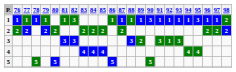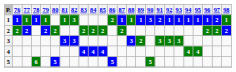 <table class="wikitable" style="text-align: center; font-size:60%">
 <tr>
 <th style="background:#c0c0c0">P.</th>
 <th><strong><a href='#'>76</a></strong></th>
 <th><strong><a href='#'>77</a></strong></th>
 <th><strong><a href='#'>78</a></strong></th>
 <th><strong><a href='#'>79</a></strong></th>
 <th><strong><a href='#'>80</a></strong></th>
 <th><strong><a href='#'>81</a></strong></th>
 <th><strong><a href='#'>82</a></strong></th>
 <th><strong><a href='#'>83</a></strong></th>
 <th><strong><a href='#'>84</a></strong></th>
 <th><strong><a href='#'>85</a></strong></th>
 <th><strong><a href='#'>86</a></strong></th>
 <th><strong><a href='#'>87</a></strong></th>
 <th><strong><a href='#'>88</a></strong></th>
 <th><strong><a href='#'>89</a></strong></th>
 <th><strong><a href='#'>90</a></strong></th>
 <th><strong><a href='#'>91</a></strong></th>
 <th><strong><a href='#'>92</a></strong></th>
 <th><strong><a href='#'>93</a></strong></th>
 <th><strong><a href='#'>94</a></strong></th>
 <th><strong><a href='#'>95</a></strong></th>
 <th><strong><a href='#'>96</a></strong></th>
 <th><strong><a href='#'>97</a></strong></th>
 <th><strong><a href='#'>98</a></strong></th>
 </tr>
 <tr>
 <th>1</th>
 <td style="background-color:blue;color:white;"><strong>1</strong></td>
 <td style="background-color:green;color:white;"><strong>1</strong></td>
 <td style="background-color:blue;color:white;"><strong>1</strong></td>
 <td style="background-color:green;color:white;"><strong>1</strong></td>
 <td></td>
 <td style="background-color:green;color:white;"><strong>1</strong></td>
 <td style="background-color:green;color:white;"><strong>3</strong></td>
 <td></td>
 <td></td>
 <td></td>
-<td style="background-color:green;color:white;"><strong>1</strong></td>
+<td style="background-color:green;color:white;"><strong>2</strong></td>
 <td style="background-color:blue;color:white;"><strong>1</strong></td>
 <td style="background-color:green;color:white;"><strong>1</strong></td>
 <td style="background-color:blue;color:white;"><strong>1</strong></td>
 <td style="background-color:blue;color:white;"><strong>3</strong></td>
+<td style="background-color:blue;color:white;"><strong>2</strong></td>
 <td style="background-color:blue;color:white;"><strong>1</strong></td>
 <td style="background-color:blue;color:white;"><strong>1</strong></td>
 <td style="background-color:blue;color:white;"><strong>1</strong></td>
 <td style="background-color:blue;color:white;"><strong>1</strong></td>
-<td style="background-color:blue;color:white;"><strong>3</strong></td>
 <td style="background-color:blue;color:white;"><strong>1</strong></td>
-<td style="background-color:blue;color:white;"><strong>1</strong></td>
-<td style="background-color:green;color:white;"><strong>2</strong></td>
+<td style="background-color:blue;color:white;"><strong>2</strong></td>
+<td style="background-color:green;color:white;"><strong>1</strong></td>
 </tr>
 <tr>
 <th>2</th>
 <td style="background-color:green;color:white;"><strong>2</strong></td>
 <td style="background-color:blue;color:white;"><strong>2</strong></td>
 <td></td>
 <td style="background-color:blue;color:white;"><strong>2</strong></td>
 <td style="background-color:green;color:white;"><strong>2</strong></td>
 <td></td>
 <td></td>
 <td style="background-color:green;color:white;"><strong>2</strong></td>
 <td style="background-color:green;color:white;"><strong>2</strong></td>
 <td style="background-color:green;color:white;"><strong>2</strong></td>
 <td></td>
 <td style="background-color:green;color:white;"><strong>2</strong></td>
 <td></td>
 <td></td>
 <td></td>
 <td></td>
 <td></td>
 <td></td>
 <td></td>
 <td></td>
 <td style="background-color:green;color:white;"><strong>2</strong></td>
 <td style="background-color:green;color:white;"><strong>2</strong></td>
 <td style="background-color:blue;color:white;"><strong>2</strong></td>
 </tr>
 <tr>
 <th>3</th>
 <td></td>
 <td></td>
 <td></td>
 <td></td>
 <td></td>
 <td style="background-color:blue;color:white;"><strong>3</strong></td>
 <td style="background-color:blue;color:white;"><strong>3</strong></td>
 <td></td>
 <td></td>
 <td></td>
 <td></td>
 <td></td>
 <td style="background-color:blue;color:white;"><strong>3</strong></td>
 <td style="background-color:green;color:white;"><strong>2</strong></td>
 <td></td>
 <td style="background-color:green;color:white;"><strong>3</strong></td>
-<td style="background-color:green;color:white;"><strong>1</strong></td>
+<td style="background-color:green;color:white;"><strong>3</strong></td>
 <td style="background-color:green;color:white;"><strong>3</strong></td>
 <td></td>
 <td></td>
 <td></td>
 <td></td>
 <td></td>
 </tr>
 <tr>
 <th>4</th>
 <td></td>
 <td></td>
 <td></td>
 <td></td>
 <td></td>
 <td></td>
 <td></td>
 <td style="background-color:blue;color:white;"><strong>4</strong></td>
 <td style="background-color:blue;color:white;"><strong>4</strong></td>
 <td style="background-color:blue;color:white;"><strong>4</strong></td>
 <td></td>
 <td></td>
 <td></td>
 <td></td>
 <td></td>
 <td></td>
 <td></td>
 <td></td>
 <td style="background-color:green;color:white;"><strong>4</strong></td>
 <td style="background-color:green;color:white;"><strong>4</strong></td>
 <td></td>
 <td></td>
 <td></td>
 </tr>
 <tr>
 <th>5</th>
 <td></td>
 <td></td>
-<td style="background-color:green;color:white;"><strong>5</strong></td>
+<td style="background-color:green;color:white;"><strong>6</strong></td>
 <td></td>
 <td style="background-color:blue;color:white;"><strong>5</strong></td>
 <td></td>
 <td></td>
 <td></td>
 <td></td>
 <td></td>
 <td style="background-color:blue;color:white;"><strong>5</strong></td>
 <td></td>
 <td></td>
 <td></td>
 <td style="background-color:green;color:white;"><strong>5</strong></td>
 <td></td>
 <td></td>
 <td></td>
 <td></td>
 <td></td>
 <td></td>
 <td></td>
 <td></td>
 </tr>
 <tr>
 </tr>
 </table>
